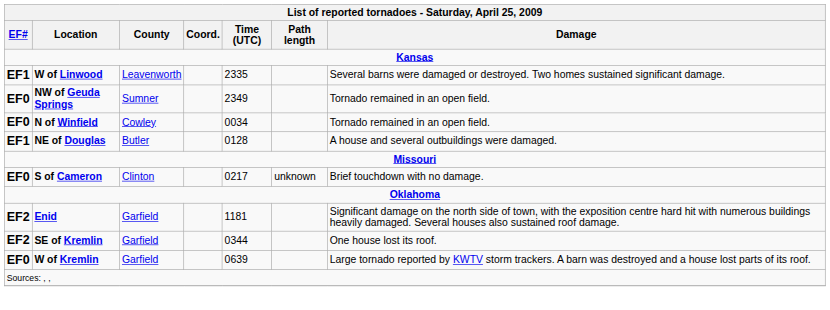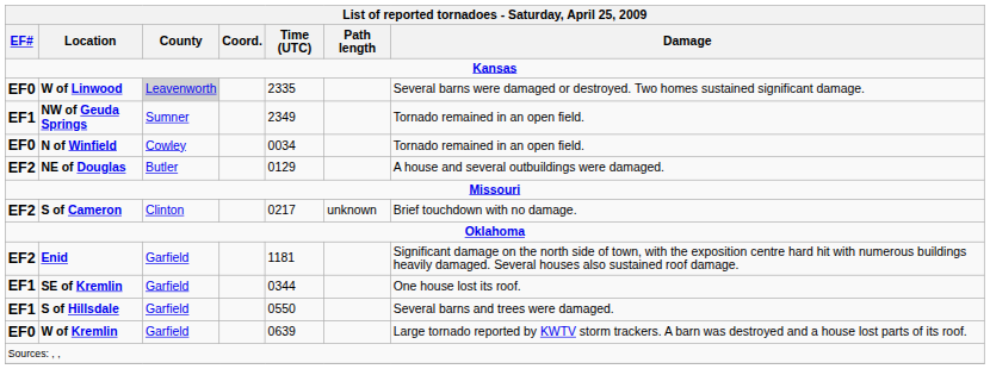 <table class="wikitable collapsible" width="100%">
 <tr>
 <th colspan="7">List of reported tornadoes - Saturday, April 25, 2009</th>
 </tr>
 <tr>
 <th><a href='#'>EF#</a></th>
 <th>Location</th>
 <th>County</th>
 <th>Coord.</th>
 <th>Time (UTC)</th>
 <th>Path length</th>
 <th>Damage</th>
 </tr>
 <tr>
 <td colspan="7" align=center><strong><a href='#'>Kansas</a></strong></td>
 </tr>
 <tr>
-<td><big><strong>EF1</strong></big></td>
+<td><big><strong>EF0</strong></big></td>
 <td><strong>W of <a href='#'>Linwood</a></strong></td>
-<td><a href='#'>Leavenworth</a></td>
+<td style="background: lightgrey;"><a href='#'>Leavenworth</a></td>
 <td></td>
 <td>2335</td>
 <td></td>
 <td>Several barns were damaged or destroyed. Two homes sustained significant damage.</td>
 </tr>
 <tr>
-<td><big><strong>EF0</strong></big></td>
+<td><big><strong>EF1</strong></big></td>
 <td><strong>NW of <a href='#'>Geuda Springs</a></strong></td>
 <td><a href='#'>Sumner</a></td>
 <td></td>
 <td>2349</td>
 <td></td>
 <td>Tornado remained in an open field.</td>
 </tr>
 <tr>
 <td><big><strong>EF0</strong></big></td>
 <td><strong>N of <a href='#'>Winfield</a></strong></td>
 <td><a href='#'>Cowley</a></td>
 <td></td>
 <td>0034</td>
 <td></td>
 <td>Tornado remained in an open field.</td>
 </tr>
 <tr>
-<td><big><strong>EF1</strong></big></td>
+<td><big><strong>EF2</strong></big></td>
 <td><strong>NE of <a href='#'>Douglas</a></strong></td>
 <td><a href='#'>Butler</a></td>
 <td></td>
-<td>0128</td>
+<td>0129</td>
 <td></td>
 <td>A house and several outbuildings were damaged.</td>
 </tr>
 <tr>
 <td colspan="7" align=center><strong><a href='#'>Missouri</a></strong></td>
 </tr>
 <tr>
-<td><big><strong>EF0</strong></big></td>
+<td><big><strong>EF2</strong></big></td>
 <td><strong>S of <a href='#'>Cameron</a></strong></td>
 <td><a href='#'>Clinton</a></td>
 <td></td>
 <td>0217</td>
 <td>unknown</td>
 <td>Brief touchdown with no damage.</td>
 </tr>
 <tr>
 <td colspan="7" align=center><strong><a href='#'>Oklahoma</a></strong></td>
 </tr>
 <tr>
 <td><big><strong>EF2</strong></big></td>
 <td><strong><a href='#'>Enid</a></strong></td>
 <td><a href='#'>Garfield</a></td>
 <td></td>
 <td>1181</td>
 <td></td>
 <td>Significant damage on the north side of town, with the exposition centre hard hit with numerous buildings heavily damaged. Several houses also sustained roof damage.</td>
 </tr>
 <tr>
-<td><big><strong>EF2</strong></big></td>
+<td><big><strong>EF1</strong></big></td>
 <td><strong>SE of <a href='#'>Kremlin</a></strong></td>
 <td><a href='#'>Garfield</a></td>
 <td></td>
 <td>0344</td>
 <td></td>
 <td>One house lost its roof.</td>
+</tr>
+<tr>
+<td><big><strong>EF1</strong></big></td>
+<td><strong>S of <a href='#'>Hillsdale</a></strong></td>
+<td><a href='#'>Garfield</a></td>
+<td></td>
+<td>0550</td>
+<td></td>
+<td>Several barns and trees were damaged.</td>
 </tr>
 <tr>
 <td><big><strong>EF0</strong></big></td>
 <td><strong>W of <a href='#'>Kremlin</a></strong></td>
 <td><a href='#'>Garfield</a></td>
 <td></td>
 <td>0639</td>
 <td></td>
 <td>Large tornado reported by <a href='#'>KWTV</a> storm trackers. A barn was destroyed and a house lost parts of its roof.</td>
 </tr>
 <tr>
 <td colspan="7"><small>Sources: , , </small></td>
 </tr>
 <tr>
 </tr>
 </table>
